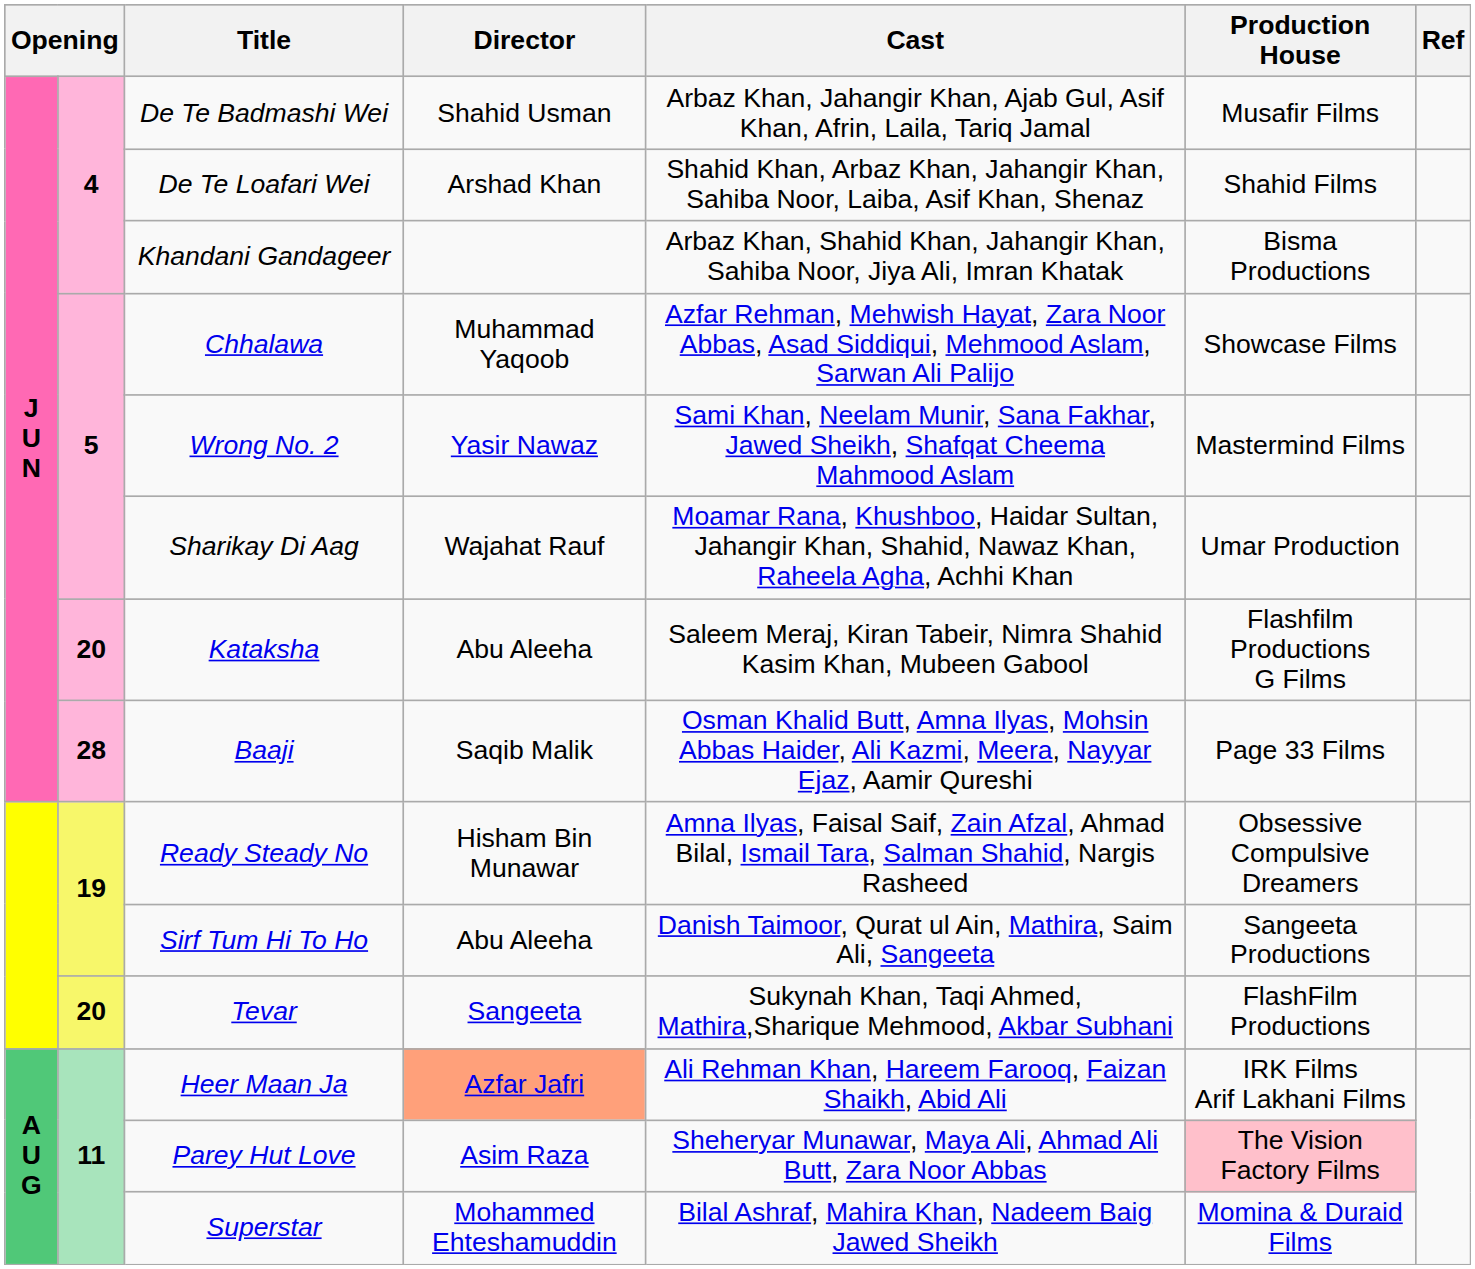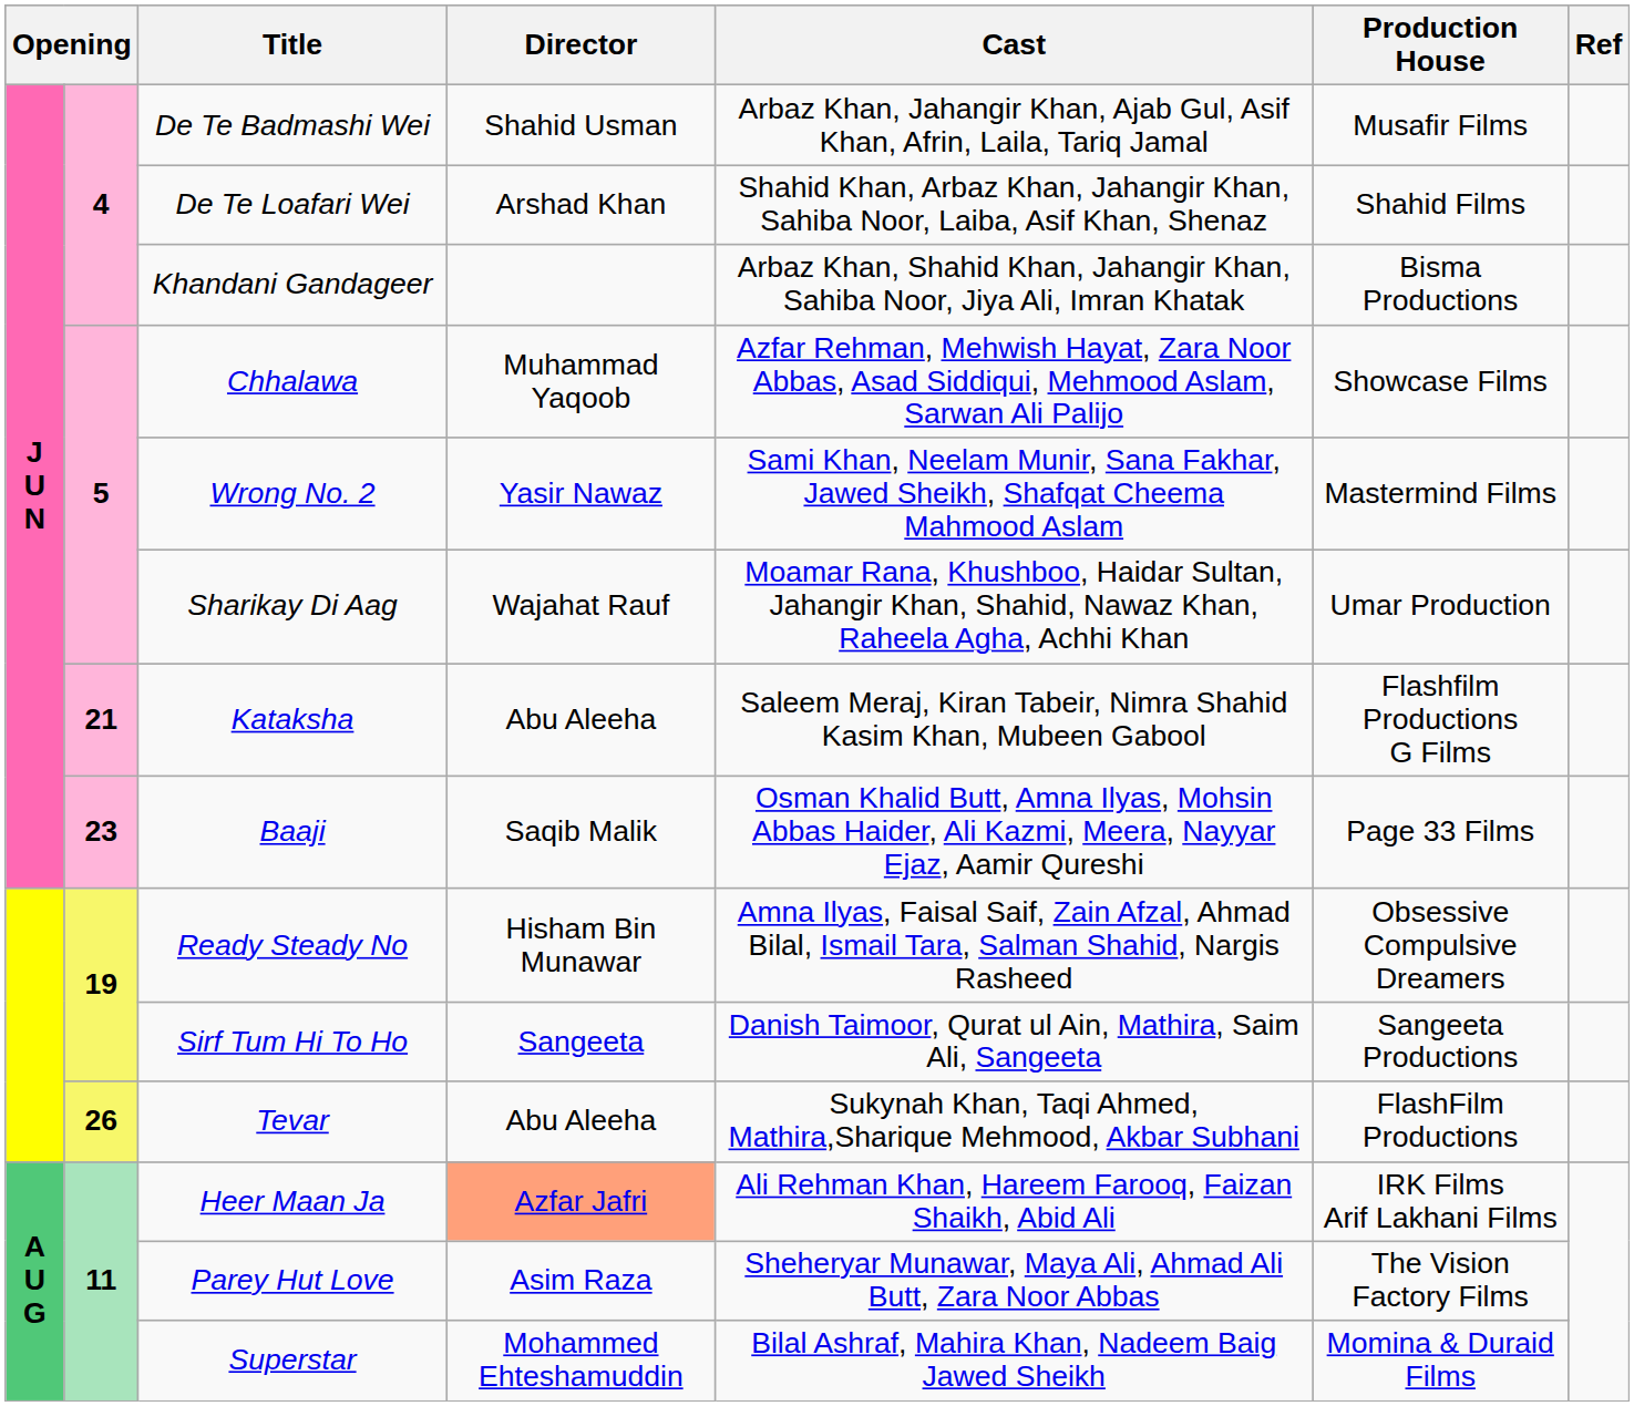 <table class="wikitable" style="text-align: center; width: 100%; margin: 1em auto 1em auto;">
 <tr>
 <th colspan="2">Opening</th>
 <th style="width:19%">Title</th>
 <th>Director</th>
 <th>Cast</th>
 <th>Production House</th>
 <th>Ref</th>
 </tr>
 <tr>
 <td rowspan="8" style="text-align:center; background:hotPink;"><strong>J<br>U<br>N</strong></td>
 <td rowspan="3" style="text-align:center; textcolor:#000; background:#ffb5da;"><strong>4</strong></td>
 <td><em>De Te Badmashi Wei</em></td>
 <td>Shahid Usman</td>
 <td>Arbaz Khan, Jahangir Khan, Ajab Gul, Asif Khan, Afrin, Laila, Tariq Jamal</td>
 <td>Musafir Films</td>
 <td></td>
 </tr>
 <tr>
 <td><em>De Te Loafari Wei</em></td>
 <td>Arshad Khan</td>
 <td>Shahid Khan, Arbaz Khan, Jahangir Khan, Sahiba Noor, Laiba, Asif Khan, Shenaz</td>
 <td>Shahid Films</td>
 <td></td>
 </tr>
 <tr>
 <td><em>Khandani Gandageer</em></td>
 <td></td>
 <td>Arbaz Khan, Shahid Khan, Jahangir Khan, Sahiba Noor, Jiya Ali, Imran Khatak</td>
 <td>Bisma Productions</td>
 <td></td>
 </tr>
 <tr>
 <td rowspan="3" style="text-align:center; textcolor:#000; background:#ffb5da;"><strong>5</strong></td>
 <td><em><a href='#'>Chhalawa</a></em></td>
 <td>Muhammad Yaqoob</td>
 <td><a href='#'>Azfar Rehman</a>, <a href='#'>Mehwish Hayat</a>, <a href='#'>Zara Noor Abbas</a>, <a href='#'>Asad Siddiqui</a>, <a href='#'>Mehmood Aslam</a>, <a href='#'>Sarwan Ali Palijo</a></td>
 <td>Showcase Films</td>
 <td></td>
 </tr>
 <tr>
 <td><em><a href='#'>Wrong No. 2</a></em></td>
 <td><a href='#'>Yasir Nawaz</a></td>
 <td><a href='#'>Sami Khan</a>, <a href='#'>Neelam Munir</a>, <a href='#'>Sana Fakhar</a>, <a href='#'>Jawed Sheikh</a>, <a href='#'>Shafqat Cheema</a><br><a href='#'>Mahmood Aslam</a></td>
 <td>Mastermind Films</td>
 <td></td>
 </tr>
 <tr>
 <td><em>Sharikay Di Aag</em></td>
 <td>Wajahat Rauf</td>
 <td><a href='#'>Moamar Rana</a>, <a href='#'>Khushboo</a>, Haidar Sultan, Jahangir Khan, Shahid, Nawaz Khan, <a href='#'>Raheela Agha</a>, Achhi Khan</td>
 <td>Umar Production</td>
 <td></td>
 </tr>
 <tr>
-<td style="text-align:center; textcolor:#000; background:#ffb5da;"><strong> 20</strong></td>
+<td style="text-align:center; textcolor:#000; background:#ffb5da;"><strong> 21</strong></td>
 <td><em><a href='#'>Kataksha</a></em></td>
 <td>Abu Aleeha</td>
 <td>Saleem Meraj, Kiran Tabeir, Nimra Shahid Kasim Khan, Mubeen Gabool</td>
 <td>Flashfilm Productions<br>G Films</td>
 <td></td>
 </tr>
 <tr>
-<td style="text-align:center; textcolor:#000; background:#ffb5da;"><strong> 28</strong></td>
+<td style="text-align:center; textcolor:#000; background:#ffb5da;"><strong> 23</strong></td>
 <td><em><a href='#'>Baaji</a></em></td>
 <td>Saqib Malik</td>
 <td><a href='#'>Osman Khalid Butt</a>, <a href='#'>Amna Ilyas</a>, <a href='#'>Mohsin Abbas Haider</a>, <a href='#'>Ali Kazmi</a>, <a href='#'>Meera</a>, <a href='#'>Nayyar Ejaz</a>, Aamir Qureshi</td>
 <td>Page 33 Films</td>
 <td></td>
 </tr>
 <tr>
 <th rowspan="3" style="background:yellow;text-align:center"><strong></strong></th>
 <td rowspan="2" style="text-align:center;background:#f7f76a"><strong>19</strong></td>
 <td><em><a href='#'>Ready Steady No</a></em></td>
 <td>Hisham Bin Munawar</td>
 <td><a href='#'>Amna Ilyas</a>, Faisal Saif, <a href='#'>Zain Afzal</a>, Ahmad Bilal, <a href='#'>Ismail Tara</a>, <a href='#'>Salman Shahid</a>,       Nargis Rasheed</td>
 <td>Obsessive Compulsive Dreamers</td>
 <td></td>
 </tr>
 <tr>
 <td><em><a href='#'>Sirf Tum Hi To Ho</a></em></td>
-<td>Abu Aleeha</td>
+<td><a href='#'>Sangeeta</a></td>
 <td><a href='#'>Danish Taimoor</a>, Qurat ul Ain, <a href='#'>Mathira</a>,  Saim Ali, <a href='#'>Sangeeta</a></td>
 <td>Sangeeta Productions</td>
 <td></td>
 </tr>
 <tr>
-<td rowspan="1" style="text-align:center;background:#f7f76a"><strong>20</strong></td>
+<td rowspan="1" style="text-align:center;background:#f7f76a"><strong>26</strong></td>
 <td><em><a href='#'>Tevar</a></em></td>
-<td><a href='#'>Sangeeta</a></td>
+<td>Abu Aleeha</td>
 <td>Sukynah Khan, Taqi Ahmed, <a href='#'>Mathira</a>,Sharique Mehmood, <a href='#'>Akbar Subhani</a></td>
 <td>FlashFilm Productions</td>
 <td></td>
 </tr>
 <tr>
 <td rowspan="3" style="text-align:center; background:#50c878;"><strong>A<br>U<br>G</strong></td>
 <td rowspan="3" style="text-align:center; textcolor:#000; background:#a8e4bc;"><strong>11</strong></td>
 <td><em><a href='#'>Heer Maan Ja</a></em></td>
 <td style="background: lightsalmon;"><a href='#'>Azfar Jafri</a></td>
 <td><a href='#'>Ali Rehman Khan</a>, <a href='#'>Hareem Farooq</a>, <a href='#'>Faizan Shaikh</a>, <a href='#'>Abid Ali</a></td>
 <td>IRK Films<br>Arif Lakhani Films</td>
 <td rowspan="5"></td>
 </tr>
 <tr>
 <td><em><a href='#'>Parey Hut Love</a></em></td>
 <td><a href='#'>Asim Raza</a></td>
 <td><a href='#'>Sheheryar Munawar</a>, <a href='#'>Maya Ali</a>, <a href='#'>Ahmad Ali Butt</a>, <a href='#'>Zara Noor Abbas</a></td>
-<td style="background: pink;">The Vision Factory Films</td>
+<td>The Vision Factory Films</td>
 </tr>
 <tr>
 <td><em><a href='#'>Superstar</a></em></td>
 <td><a href='#'>Mohammed Ehteshamuddin</a></td>
 <td><a href='#'>Bilal Ashraf</a>, <a href='#'>Mahira Khan</a>, <a href='#'>Nadeem Baig</a> <br> <a href='#'>Jawed Sheikh</a></td>
 <td><a href='#'>Momina & Duraid Films</a></td>
 </tr>
 </table>
